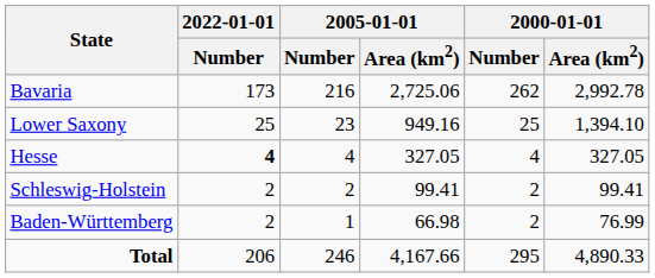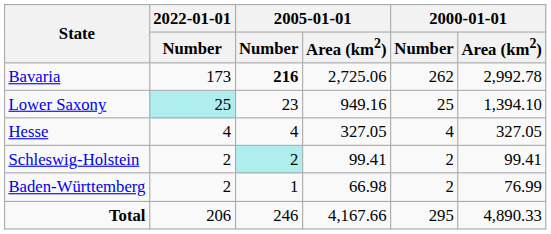 <table class="wikitable" style="text-align:right; font-size:95%">
 <tr>
 <th rowspan=2>State</th>
 <th>2022-01-01</th>
 <th colspan="2">2005-01-01</th>
 <th colspan="2">2000-01-01</th>
 </tr>
 <tr>
 <th>Number</th>
 <th>Number</th>
 <th>Area (km<sup>2</sup>)</th>
 <th>Number</th>
 <th>Area (km<sup>2</sup>)</th>
 </tr>
 <tr>
 <td style="text-align:left"><a href='#'>Bavaria</a></td>
 <td>173</td>
-<td>216</td>
+<td><strong>216</strong></td>
 <td>2,725.06</td>
 <td>262</td>
 <td>2,992.78</td>
 </tr>
 <tr>
 <td style="text-align:left"><a href='#'>Lower Saxony</a></td>
-<td>25</td>
+<td style="background: paleturquoise;">25</td>
 <td>23</td>
 <td>949.16</td>
 <td>25</td>
 <td>1,394.10</td>
 </tr>
 <tr>
 <td style="text-align:left"><a href='#'>Hesse</a></td>
-<td><strong>4</strong></td>
+<td>4</td>
 <td>4</td>
 <td>327.05</td>
 <td>4</td>
 <td>327.05</td>
 </tr>
 <tr>
 <td style="text-align:left"><a href='#'>Schleswig-Holstein</a></td>
 <td>2</td>
-<td>2</td>
+<td style="background: paleturquoise;">2</td>
 <td>99.41</td>
 <td>2</td>
 <td>99.41</td>
 </tr>
 <tr>
 <td style="text-align:left"><a href='#'>Baden-Württemberg</a></td>
 <td>2</td>
 <td>1</td>
 <td>66.98</td>
 <td>2</td>
 <td>76.99</td>
 </tr>
 <tr>
 <td><strong>Total</strong></td>
 <td>206</td>
 <td>246</td>
 <td>4,167.66</td>
 <td>295</td>
 <td>4,890.33</td>
 </tr>
 </table>
